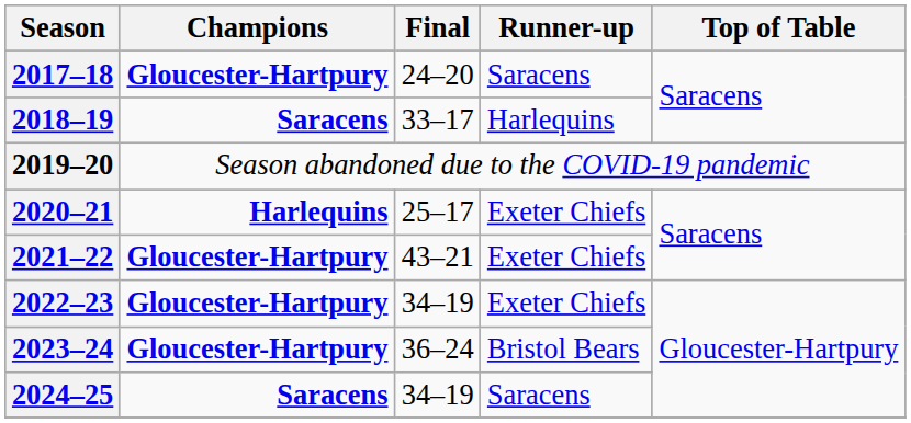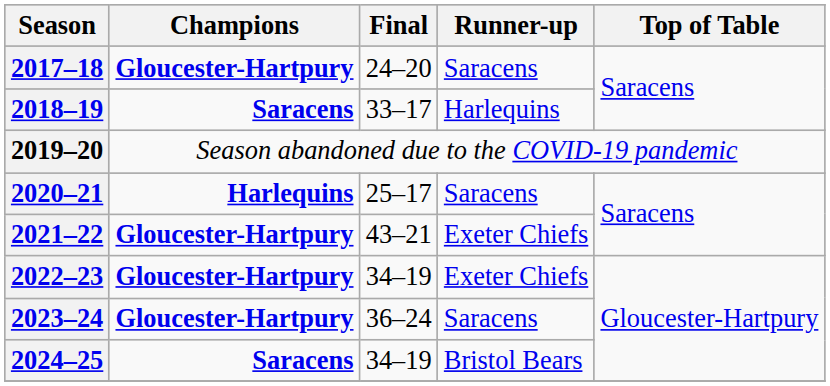 <table class="wikitable sortable">
 <tr>
 <th>Season</th>
 <th> Champions</th>
 <th class=unsortable>Final</th>
 <th>Runner-up </th>
 <th>Top of Table</th>
 </tr>
 <tr>
 <th><a href='#'>2017–18</a></th>
 <td style="text-align:right;"><strong><a href='#'>Gloucester-Hartpury</a></strong></td>
 <td style="text-align:center;">24–20</td>
 <td><a href='#'>Saracens</a></td>
 <td rowspan="2"><a href='#'>Saracens</a></td>
 </tr>
 <tr>
 <th><a href='#'>2018–19</a></th>
 <td style="text-align:right;"><strong><a href='#'>Saracens</a></strong></td>
 <td style="text-align:center;">33–17</td>
 <td><a href='#'>Harlequins</a></td>
 </tr>
 <tr>
 <th>2019–20</th>
 <td colspan="4" style="text-align:center;"><em>Season abandoned due to the <a href='#'>COVID-19 pandemic</a></em></td>
 </tr>
 <tr>
 <th><a href='#'>2020–21</a></th>
 <td style="text-align:right;"><strong><a href='#'>Harlequins</a></strong></td>
 <td style="text-align:center;">25–17</td>
-<td><a href='#'>Exeter Chiefs</a></td>
+<td><a href='#'>Saracens</a></td>
 <td rowspan="2"><a href='#'>Saracens</a></td>
 </tr>
 <tr>
 <th><a href='#'>2021–22</a></th>
 <td style="text-align:right;"><strong><a href='#'>Gloucester-Hartpury</a></strong></td>
 <td style="text-align:center;">43–21</td>
 <td><a href='#'>Exeter Chiefs</a></td>
 </tr>
 <tr>
 <th><a href='#'>2022–23</a></th>
 <td style="text-align:right;"><strong><a href='#'>Gloucester-Hartpury</a></strong></td>
 <td style="text-align:center;">34–19</td>
 <td><a href='#'>Exeter Chiefs</a></td>
 <td rowspan="3"><a href='#'>Gloucester-Hartpury</a></td>
 </tr>
 <tr>
 <th><a href='#'>2023–24</a></th>
 <td style="text-align:right;"><strong><a href='#'>Gloucester-Hartpury</a></strong></td>
 <td style="text-align:center;">36–24</td>
-<td><a href='#'>Bristol Bears</a></td>
+<td><a href='#'>Saracens</a></td>
 </tr>
 <tr>
 <th><a href='#'>2024–25</a></th>
 <td style="text-align:right;"><strong><a href='#'>Saracens</a></strong></td>
 <td style="text-align:center;">34–19</td>
-<td><a href='#'>Saracens</a></td>
+<td><a href='#'>Bristol Bears</a></td>
 </tr>
 <tr>
 </tr>
 </table>
